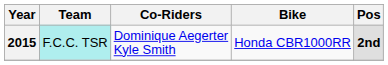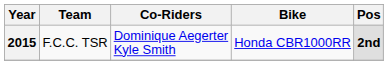 <table class="wikitable" style="font-size:90%">
 <tr>
 <th>Year</th>
 <th>Team</th>
 <th>Co-Riders</th>
 <th>Bike</th>
 <th>Pos</th>
 </tr>
 <tr align="center">
 <th>2015</th>
-<td align="left" style="background: paleturquoise;"> F.C.C. TSR</td>
+<td align="left"> F.C.C. TSR</td>
 <td align="left"> <a href='#'>Dominique Aegerter</a><br> <a href='#'>Kyle Smith</a></td>
 <td align="left"><a href='#'>Honda CBR1000RR</a></td>
 <td style="background:#dfdfdf;"><strong>2nd</strong></td>
 </tr>
 <tr>
 </tr>
 </table>
